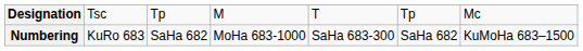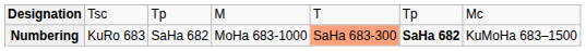 <table class="wikitable">
 <tr>
 <th>Designation</th>
 <td>Tsc</td>
 <td>Tp</td>
 <td>M</td>
 <td>T</td>
 <td>Tp</td>
 <td>Mc</td>
 </tr>
 <tr>
 <th>Numbering</th>
 <td>KuRo 683</td>
 <td>SaHa 682</td>
 <td>MoHa 683-1000</td>
-<td>SaHa 683-300</td>
-<td>SaHa 682</td>
+<td style="background: lightsalmon;">SaHa 683-300</td>
+<td><strong>SaHa 682</strong></td>
 <td>KuMoHa 683–1500</td>
 </tr>
 </table>
